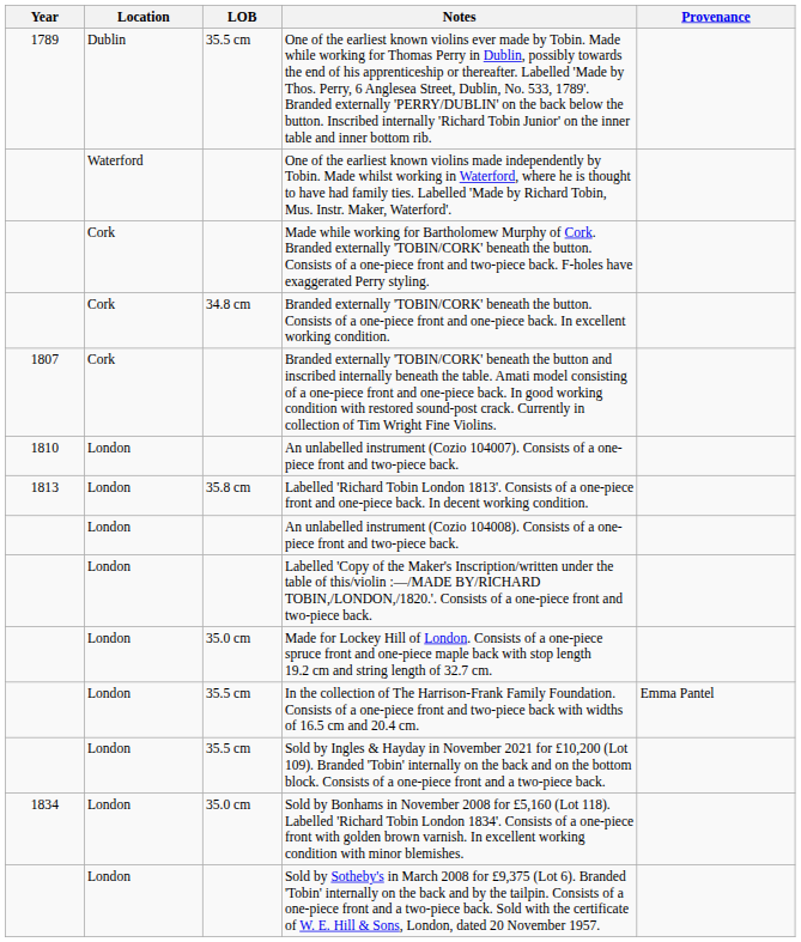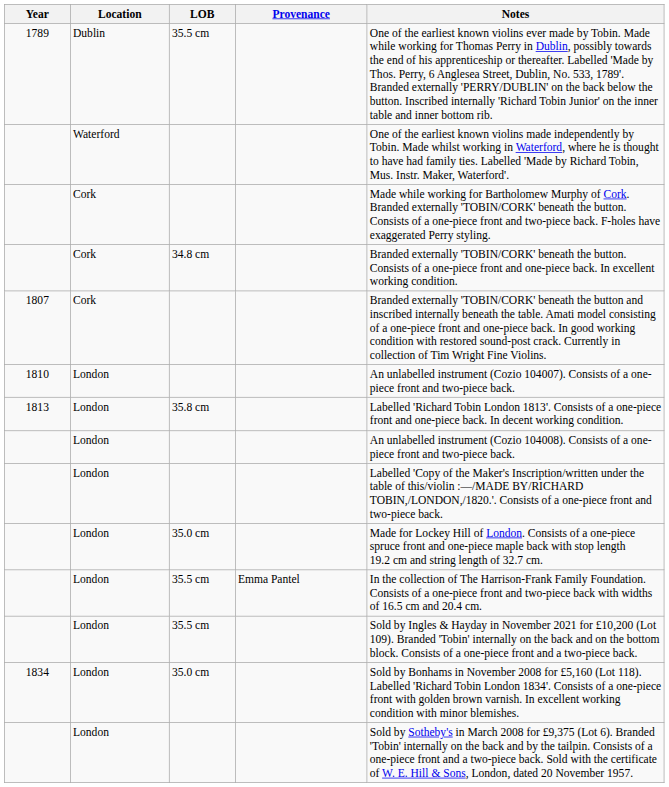 <table class="sortable wikitable" style="margins:auto; width=95%; font-size: 95%;">
 <tr>
 <th width="10%">Year</th>
 <th width="15%">Location</th>
 <th width="10%">LOB</th>
+<th width="20%"><a href='#'>Provenance</a></th>
 <th width="45%">Notes</th>
-<th width="20%"><a href='#'>Provenance</a></th>
 </tr>
 <tr valign="top">
 <td align=center>1789</td>
 <td>Dublin</td>
 <td>35.5 cm</td>
+<td></td>
 <td>One of the earliest known violins ever made by Tobin. Made while working for Thomas Perry in <a href='#'>Dublin</a>, possibly towards the end of his apprenticeship or thereafter. Labelled 'Made by Thos. Perry, 6 Anglesea Street, Dublin, No. 533, 1789'. Branded externally 'PERRY/DUBLIN' on the back below the button. Inscribed internally 'Richard Tobin Junior' on the inner table and inner bottom rib.</td>
-<td></td>
 </tr>
 <tr valign="top">
 <td align=center></td>
 <td>Waterford</td>
 <td></td>
+<td></td>
 <td>One of the earliest known violins made independently by Tobin. Made whilst working in <a href='#'>Waterford</a>, where he is thought to have had family ties. Labelled 'Made by Richard Tobin, Mus. Instr. Maker, Waterford'.</td>
-<td></td>
 </tr>
 <tr valign="top">
 <td align=center></td>
 <td>Cork</td>
 <td></td>
+<td></td>
 <td>Made while working for Bartholomew Murphy of <a href='#'>Cork</a>. Branded externally 'TOBIN/CORK' beneath the button. Consists of a one-piece front and two-piece back. F-holes have exaggerated Perry styling.</td>
-<td></td>
 </tr>
 <tr valign="top">
 <td align=center></td>
 <td>Cork</td>
 <td>34.8 cm</td>
+<td></td>
 <td>Branded externally 'TOBIN/CORK' beneath the button. Consists of a one-piece front and one-piece back. In excellent working condition.</td>
-<td></td>
 </tr>
 <tr valign="top">
 <td align=center>1807</td>
 <td>Cork</td>
 <td></td>
+<td></td>
 <td>Branded externally 'TOBIN/CORK' beneath the button and inscribed internally beneath the table. Amati model consisting of a one-piece front and one-piece back. In good working condition with restored sound-post crack. Currently in collection of Tim Wright Fine Violins.</td>
-<td></td>
 </tr>
 <tr valign="top">
 <td align=center>1810</td>
 <td>London</td>
 <td></td>
+<td></td>
 <td>An unlabelled instrument (Cozio 104007). Consists of a one-piece front and two-piece back.</td>
-<td></td>
 </tr>
 <tr valign="top">
 <td align=center>1813</td>
 <td>London</td>
 <td>35.8 cm</td>
+<td></td>
 <td>Labelled 'Richard Tobin London 1813'. Consists of a one-piece front and one-piece back. In decent working condition.</td>
-<td></td>
 </tr>
 <tr valign="top">
 <td align=center></td>
 <td>London</td>
 <td></td>
+<td></td>
 <td>An unlabelled instrument (Cozio 104008). Consists of a one-piece front and two-piece back.</td>
-<td></td>
 </tr>
 <tr valign="top">
 <td align=center></td>
 <td>London</td>
 <td></td>
+<td></td>
 <td>Labelled 'Copy of the Maker's Inscription/written under the table of this/violin :—/MADE BY/RICHARD TOBIN,/LONDON,/1820.'. Consists of a one-piece front and two-piece back.</td>
-<td></td>
 </tr>
 <tr valign="top">
 <td align=center></td>
 <td>London</td>
 <td>35.0 cm</td>
+<td></td>
 <td>Made for Lockey Hill of <a href='#'>London</a>. Consists of a one-piece spruce front and one-piece maple back with stop length 19.2 cm and string length of 32.7 cm.</td>
-<td></td>
 </tr>
 <tr valign="top">
 <td align=center></td>
 <td>London</td>
 <td>35.5 cm</td>
+<td>Emma Pantel</td>
 <td>In the collection of The Harrison-Frank Family Foundation. Consists of a one-piece front and two-piece back with widths of 16.5 cm and 20.4 cm.</td>
-<td>Emma Pantel</td>
 </tr>
 <tr valign="top">
 <td align=center></td>
 <td>London</td>
 <td>35.5 cm</td>
+<td></td>
 <td>Sold by Ingles & Hayday in November 2021 for £10,200 (Lot 109). Branded 'Tobin' internally on the back and on the bottom block. Consists of a one-piece front and a two-piece back.</td>
-<td></td>
 </tr>
 <tr valign="top">
 <td align=center>1834</td>
 <td>London</td>
 <td>35.0 cm</td>
+<td></td>
 <td>Sold by Bonhams in November 2008 for £5,160 (Lot 118). Labelled 'Richard Tobin London 1834'. Consists of a one-piece front with golden brown varnish. In excellent working condition with minor blemishes.</td>
-<td></td>
 </tr>
 <tr valign="top">
 <td align=center></td>
 <td>London</td>
 <td></td>
+<td></td>
 <td>Sold by <a href='#'>Sotheby's</a> in March 2008 for £9,375 (Lot 6). Branded 'Tobin' internally on the back and by the tailpin. Consists of a one-piece front and a two-piece back. Sold with the certificate of <a href='#'>W. E. Hill & Sons</a>, London, dated 20 November 1957.</td>
-<td></td>
 </tr>
 </table>
